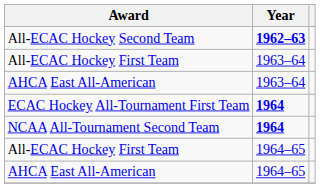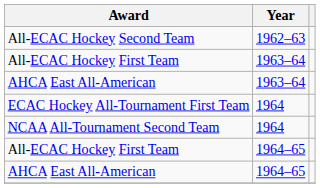 <table class="wikitable">
 <tr>
 <th>Award</th>
 <th>Year</th>
 <th></th>
 </tr>
 <tr>
 <td>All-<a href='#'>ECAC Hockey</a> <a href='#'>Second Team</a></td>
-<td><strong><a href='#'>1962–63</a></strong></td>
+<td><a href='#'>1962–63</a></td>
 <td></td>
 </tr>
 <tr>
 <td>All-<a href='#'>ECAC Hockey</a> <a href='#'>First Team</a></td>
 <td><a href='#'>1963–64</a></td>
 <td></td>
 </tr>
 <tr>
 <td><a href='#'>AHCA</a> <a href='#'>East All-American</a></td>
 <td><a href='#'>1963–64</a></td>
 <td></td>
 </tr>
 <tr>
 <td><a href='#'>ECAC Hockey</a> <a href='#'>All-Tournament First Team</a></td>
-<td><strong><a href='#'>1964</a></strong></td>
+<td><a href='#'>1964</a></td>
 <td></td>
 </tr>
 <tr>
 <td><a href='#'>NCAA</a> <a href='#'>All-Tournament Second Team</a></td>
-<td><strong><a href='#'>1964</a></strong></td>
+<td><a href='#'>1964</a></td>
 <td></td>
 </tr>
 <tr>
 <td>All-<a href='#'>ECAC Hockey</a> <a href='#'>First Team</a></td>
 <td><a href='#'>1964–65</a></td>
 <td></td>
 </tr>
 <tr>
 <td><a href='#'>AHCA</a> <a href='#'>East All-American</a></td>
 <td><a href='#'>1964–65</a></td>
 <td></td>
 </tr>
 <tr>
 </tr>
 </table>
